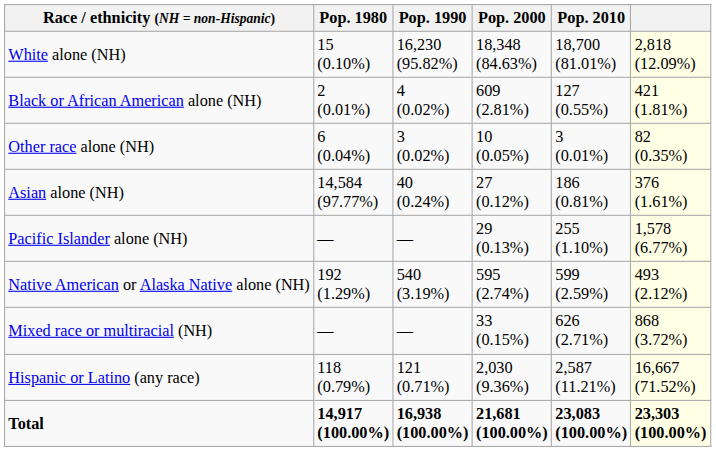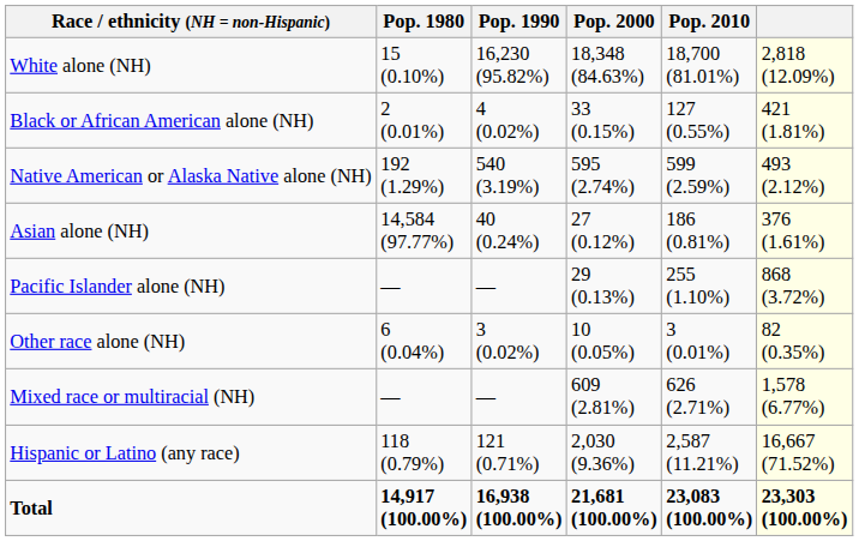 <table class="wikitable sortable collapsible" style="font-size: 95%;">
 <tr>
 <th>Race / ethnicity <small>(<em>NH = non-Hispanic</em>)</small></th>
 <th>Pop. 1980</th>
 <th>Pop. 1990</th>
 <th>Pop. 2000</th>
 <th>Pop. 2010</th>
 <th></th>
 </tr>
 <tr>
 <td><a href='#'>White</a> alone (NH)</td>
 <td>15<br>(0.10%)</td>
 <td>16,230<br>(95.82%)</td>
 <td>18,348<br>(84.63%)</td>
 <td>18,700<br>(81.01%)</td>
 <td style='background: #ffffe6;'>2,818<br>(12.09%)</td>
 </tr>
 <tr>
 <td><a href='#'>Black or African American</a> alone (NH)</td>
 <td>2<br>(0.01%)</td>
 <td>4<br>(0.02%)</td>
-<td>609<br>(2.81%)</td>
+<td>33<br>(0.15%)</td>
 <td>127<br>(0.55%)</td>
 <td style='background: #ffffe6;'>421<br>(1.81%)</td>
 </tr>
 <tr>
-<td><a href='#'>Other race</a> alone (NH)</td>
-<td>6<br>(0.04%)</td>
-<td>3<br>(0.02%)</td>
-<td>10<br>(0.05%)</td>
-<td>3<br>(0.01%)</td>
-<td style='background: #ffffe6;'>82<br>(0.35%)</td>
+<td><a href='#'>Native American</a> or <a href='#'>Alaska Native</a> alone (NH)</td>
+<td>192<br>(1.29%)</td>
+<td>540<br>(3.19%)</td>
+<td>595<br>(2.74%)</td>
+<td>599<br>(2.59%)</td>
+<td style='background: #ffffe6;'>493<br>(2.12%)</td>
 </tr>
 <tr>
 <td><a href='#'>Asian</a> alone (NH)</td>
 <td>14,584<br>(97.77%)</td>
 <td>40<br>(0.24%)</td>
 <td>27<br>(0.12%)</td>
 <td>186<br>(0.81%)</td>
 <td style='background: #ffffe6;'>376<br>(1.61%)</td>
 </tr>
 <tr>
 <td><a href='#'>Pacific Islander</a> alone (NH)</td>
 <td>—</td>
 <td>—</td>
 <td>29<br>(0.13%)</td>
 <td>255<br>(1.10%)</td>
-<td style='background: #ffffe6;'>1,578<br>(6.77%)</td>
+<td style='background: #ffffe6;'>868<br>(3.72%)</td>
 </tr>
 <tr>
-<td><a href='#'>Native American</a> or <a href='#'>Alaska Native</a> alone (NH)</td>
-<td>192<br>(1.29%)</td>
-<td>540<br>(3.19%)</td>
-<td>595<br>(2.74%)</td>
-<td>599<br>(2.59%)</td>
-<td style='background: #ffffe6;'>493<br>(2.12%)</td>
+<td><a href='#'>Other race</a> alone (NH)</td>
+<td>6<br>(0.04%)</td>
+<td>3<br>(0.02%)</td>
+<td>10<br>(0.05%)</td>
+<td>3<br>(0.01%)</td>
+<td style='background: #ffffe6;'>82<br>(0.35%)</td>
 </tr>
 <tr>
 <td><a href='#'>Mixed race or multiracial</a> (NH)</td>
 <td>—</td>
 <td>—</td>
-<td>33<br>(0.15%)</td>
+<td>609<br>(2.81%)</td>
 <td>626<br>(2.71%)</td>
-<td style='background: #ffffe6;'>868<br>(3.72%)</td>
+<td style='background: #ffffe6;'>1,578<br>(6.77%)</td>
 </tr>
 <tr>
 <td><a href='#'>Hispanic or Latino</a> (any race)</td>
 <td>118<br>(0.79%)</td>
 <td>121<br>(0.71%)</td>
 <td>2,030<br>(9.36%)</td>
 <td>2,587<br>(11.21%)</td>
 <td style='background: #ffffe6;'>16,667<br>(71.52%)</td>
 </tr>
 <tr>
 <td><strong>Total</strong></td>
 <td><strong>14,917<br>(100.00%)</strong></td>
 <td><strong>16,938<br>(100.00%)</strong></td>
 <td><strong>21,681<br>(100.00%)</strong></td>
 <td><strong>23,083<br>(100.00%)</strong></td>
 <td style='background: #ffffe6;'><strong>23,303<br>(100.00%)</strong></td>
 </tr>
 </table>
